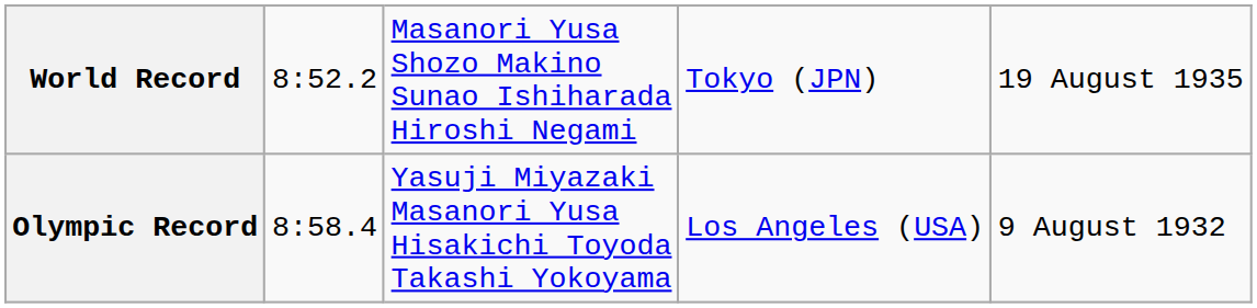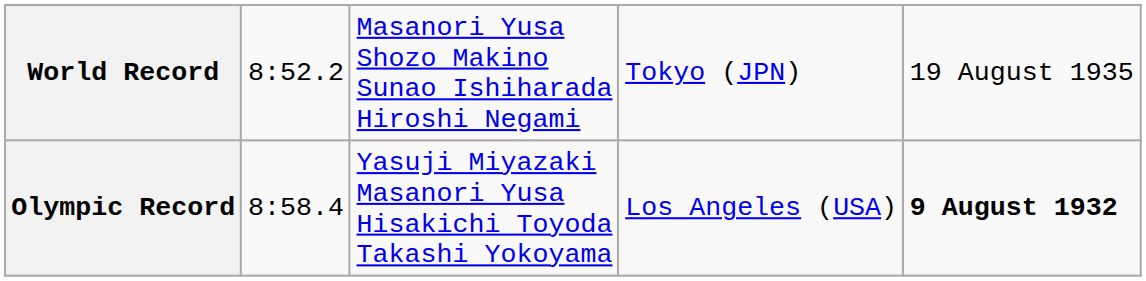 <table class="wikitable" style="text-align:left">
 <tr>
 <th>World Record</th>
 <td>8:52.2</td>
 <td> <a href='#'>Masanori Yusa</a><br> <a href='#'>Shozo Makino</a><br> <a href='#'>Sunao Ishiharada</a><br> <a href='#'>Hiroshi Negami</a></td>
 <td><a href='#'>Tokyo</a> (<a href='#'>JPN</a>)</td>
 <td>19 August 1935</td>
 </tr>
 <tr>
 <th>Olympic Record</th>
 <td>8:58.4</td>
 <td> <a href='#'>Yasuji Miyazaki</a><br> <a href='#'>Masanori Yusa</a><br> <a href='#'>Hisakichi Toyoda</a><br> <a href='#'>Takashi Yokoyama</a></td>
 <td><a href='#'>Los Angeles</a> (<a href='#'>USA</a>)</td>
-<td>9 August 1932</td>
+<td><strong>9 August 1932</strong></td>
 </tr>
 </table>
